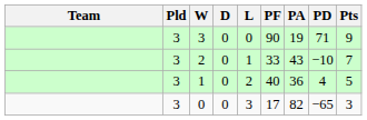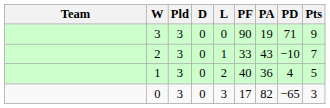 <table class="wikitable" style="text-align:center;">
 <tr>
 <th width=175>Team</th>
+<th width=20 abbr="Won">W</th>
 <th width=20 abbr="Played">Pld</th>
-<th width=20 abbr="Won">W</th>
 <th width=20 abbr="Drawn">D</th>
 <th width=20 abbr="Lost">L</th>
 <th width=20 abbr="Points for">PF</th>
 <th width=20 abbr="Points against">PA</th>
 <th width=25 abbr="Points difference">PD</th>
 <th width=20 abbr="Points">Pts</th>
 </tr>
 <tr bgcolor=ccffcc>
 <td style="text-align:left;"></td>
 <td>3</td>
 <td>3</td>
 <td>0</td>
 <td>0</td>
 <td>90</td>
 <td>19</td>
 <td>71</td>
 <td>9</td>
 </tr>
 <tr bgcolor=ccffcc>
 <td style="text-align:left;"></td>
+<td>2</td>
 <td>3</td>
-<td>2</td>
 <td>0</td>
 <td>1</td>
 <td>33</td>
 <td>43</td>
 <td>−10</td>
 <td>7</td>
 </tr>
 <tr bgcolor=ccffcc>
 <td style="text-align:left;"></td>
+<td>1</td>
 <td>3</td>
-<td>1</td>
 <td>0</td>
 <td>2</td>
 <td>40</td>
 <td>36</td>
 <td>4</td>
 <td>5</td>
 </tr>
 <tr>
 <td style="text-align:left;"></td>
+<td>0</td>
 <td>3</td>
-<td>0</td>
 <td>0</td>
 <td>3</td>
 <td>17</td>
 <td>82</td>
 <td>−65</td>
 <td>3</td>
 </tr>
 </table>
